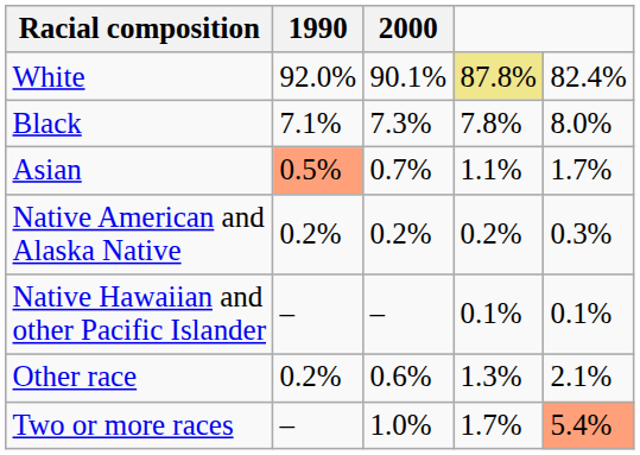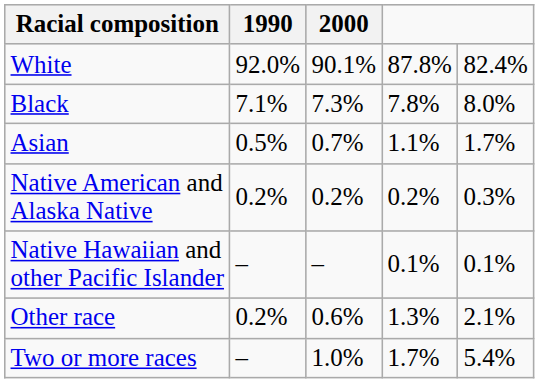 <table class="wikitable sortable collapsible">
 <tr>
 <th>Racial composition</th>
 <th>1990</th>
 <th>2000</th>
 </tr>
 <tr>
 <td><a href='#'>White</a></td>
 <td>92.0%</td>
 <td>90.1%</td>
-<td style="background: khaki;">87.8%</td>
+<td>87.8%</td>
 <td>82.4%</td>
 </tr>
 <tr>
 <td><a href='#'>Black</a></td>
 <td>7.1%</td>
 <td>7.3%</td>
 <td>7.8%</td>
 <td>8.0%</td>
 </tr>
 <tr>
 <td><a href='#'>Asian</a></td>
-<td style="background: lightsalmon;">0.5%</td>
+<td>0.5%</td>
 <td>0.7%</td>
 <td>1.1%</td>
 <td>1.7%</td>
 </tr>
 <tr>
 <td><a href='#'>Native American</a> and<br><a href='#'>Alaska Native</a></td>
 <td>0.2%</td>
 <td>0.2%</td>
 <td>0.2%</td>
 <td>0.3%</td>
 </tr>
 <tr>
 <td><a href='#'>Native Hawaiian</a> and<br><a href='#'>other Pacific Islander</a></td>
 <td>–</td>
 <td>–</td>
 <td>0.1%</td>
 <td>0.1%</td>
 </tr>
 <tr>
 <td><a href='#'>Other race</a></td>
 <td>0.2%</td>
 <td>0.6%</td>
 <td>1.3%</td>
 <td>2.1%</td>
 </tr>
 <tr>
 <td><a href='#'>Two or more races</a></td>
 <td>–</td>
 <td>1.0%</td>
 <td>1.7%</td>
-<td style="background: lightsalmon;">5.4%</td>
+<td>5.4%</td>
 </tr>
 </table>
